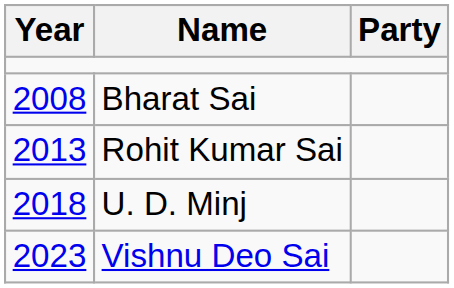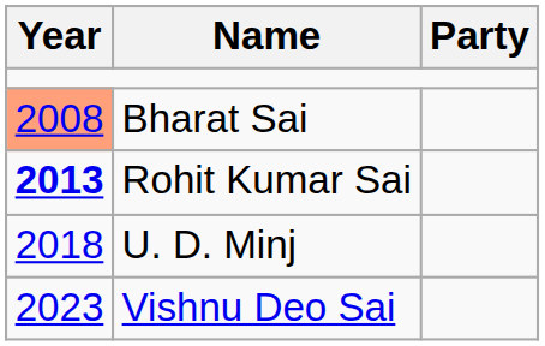 <table class="wikitable">
 <tr>
 <th>Year</th>
 <th>Name</th>
 <th colspan="2">Party</th>
 </tr>
 <tr>
 <td colspan="4"></td>
 </tr>
 <tr>
-<td><a href='#'>2008</a></td>
+<td style="background: lightsalmon;"><a href='#'>2008</a></td>
 <td>Bharat Sai</td>
 <td></td>
 </tr>
 <tr>
-<td><a href='#'>2013</a></td>
+<td><strong><a href='#'>2013</a></strong></td>
 <td>Rohit Kumar Sai</td>
 </tr>
 <tr>
 <td><a href='#'>2018</a></td>
 <td>U. D. Minj</td>
 <td></td>
 </tr>
 <tr>
 <td><a href='#'>2023</a></td>
 <td><a href='#'>Vishnu Deo Sai</a></td>
 <td></td>
 </tr>
 </table>
